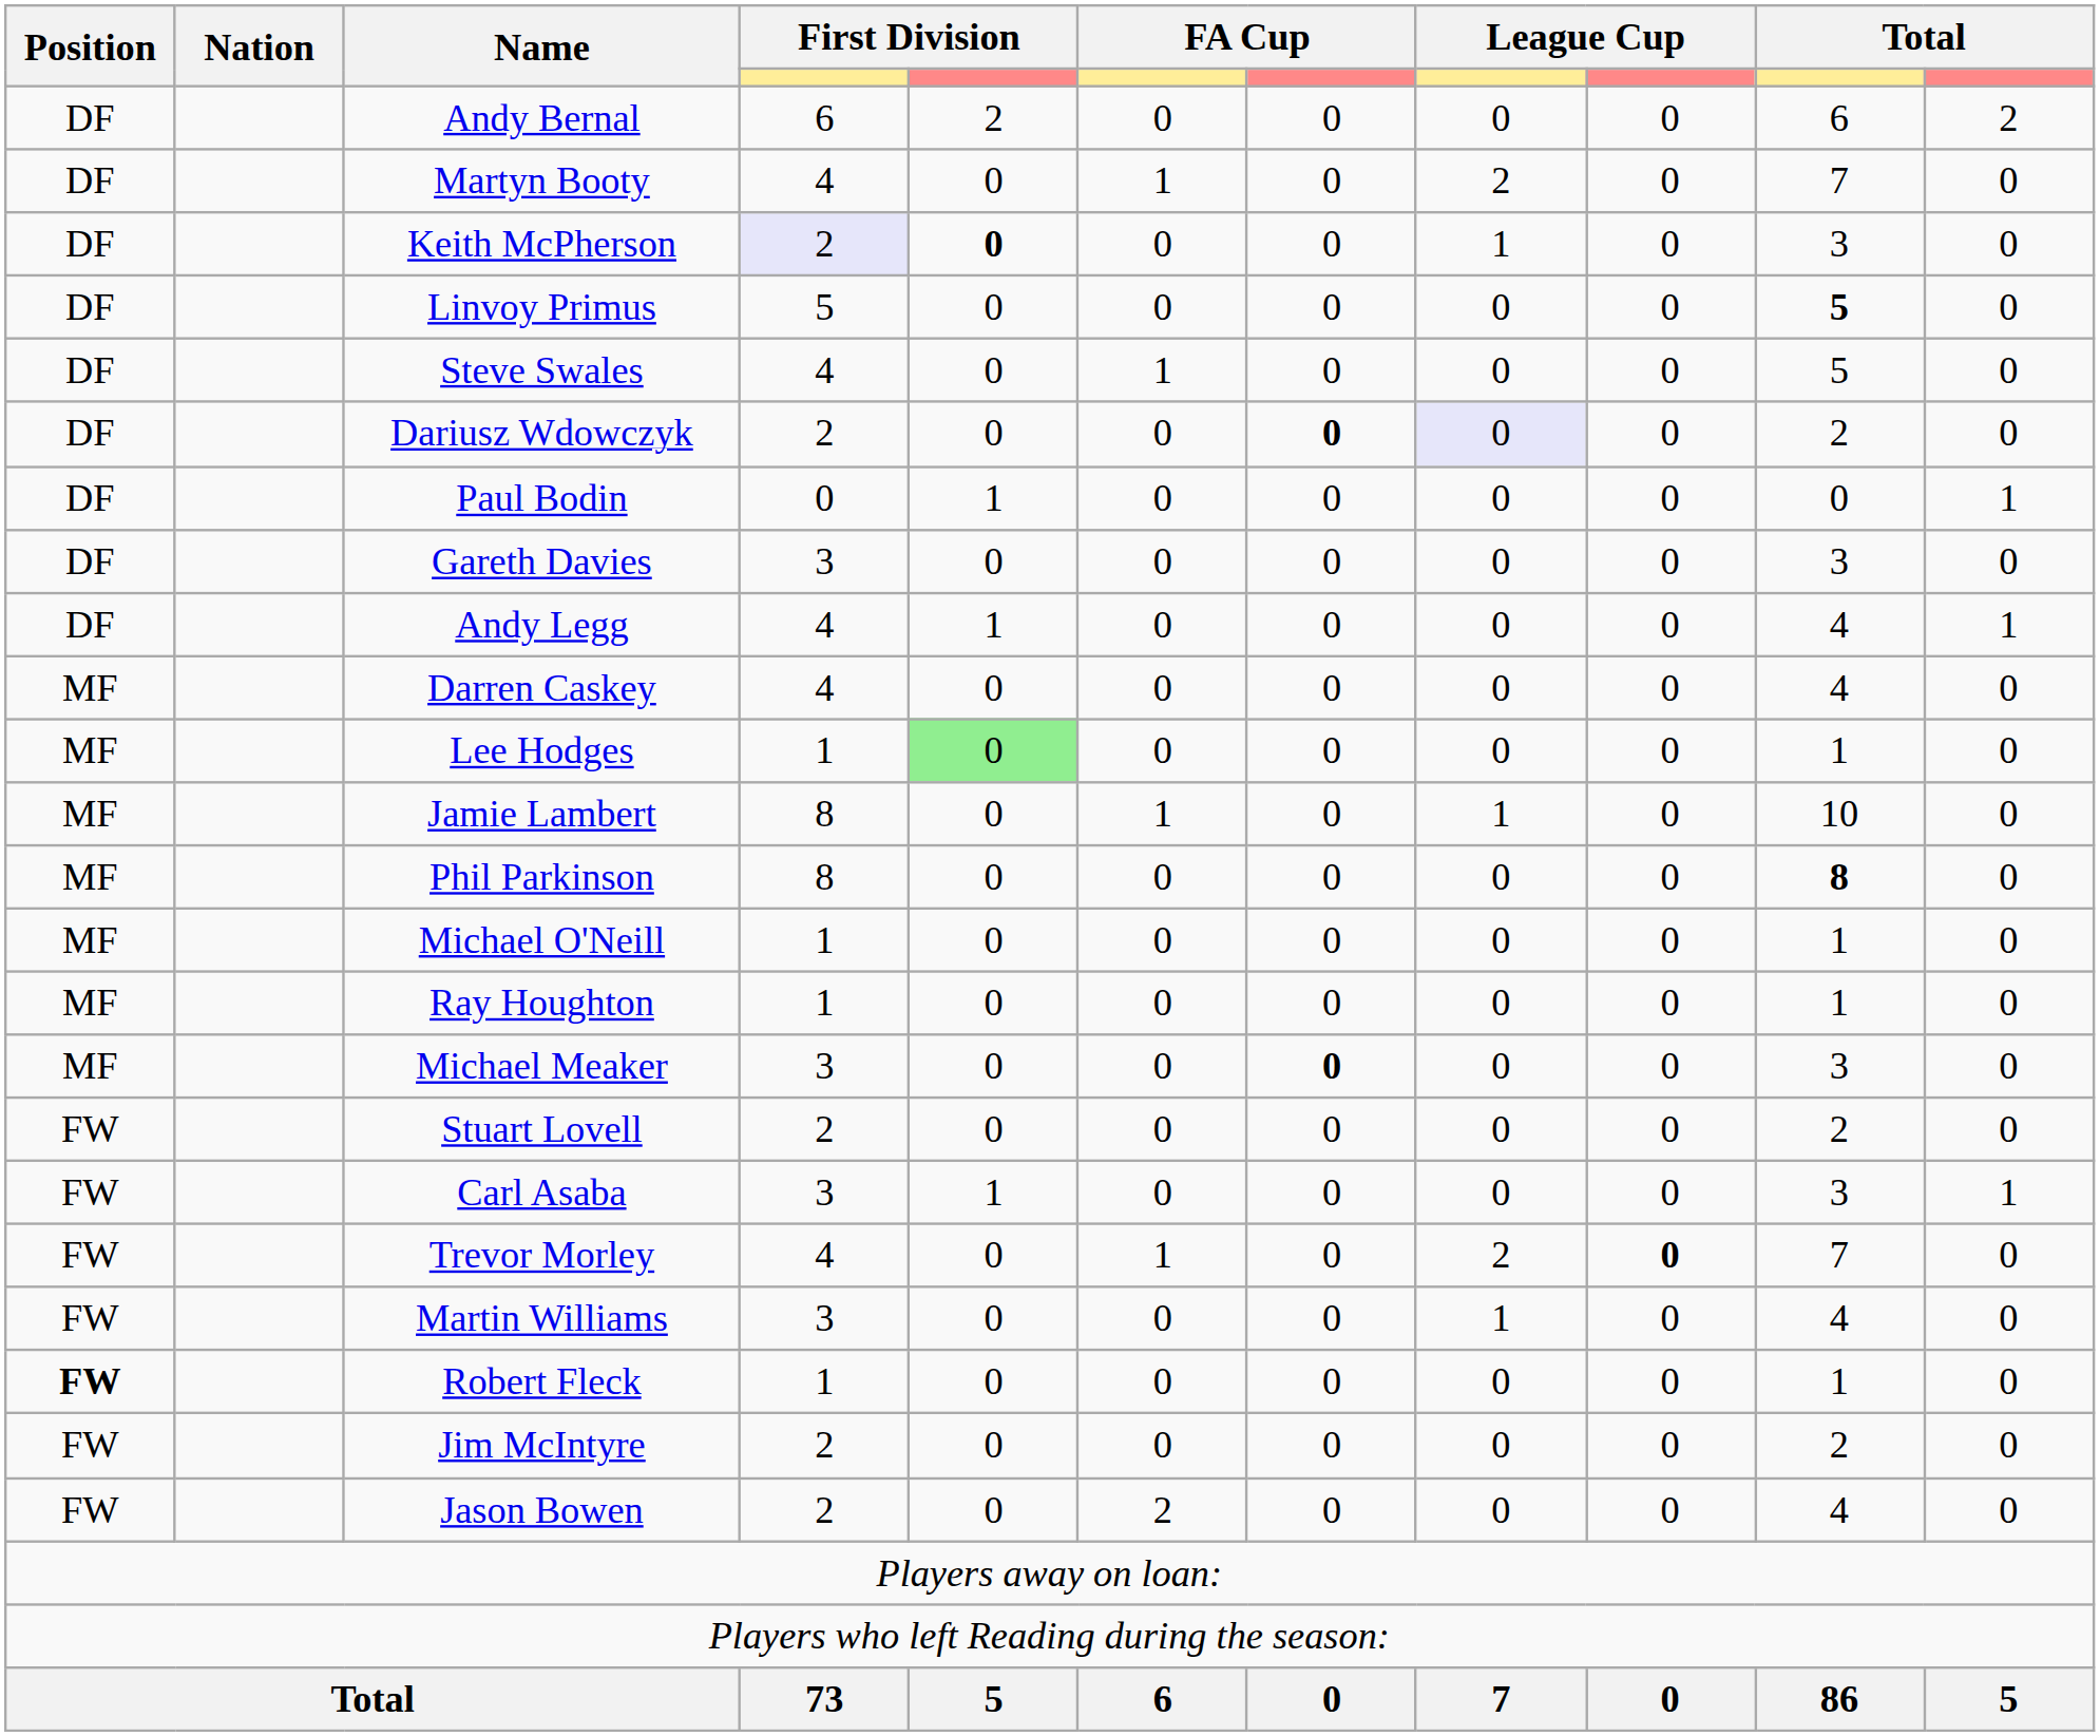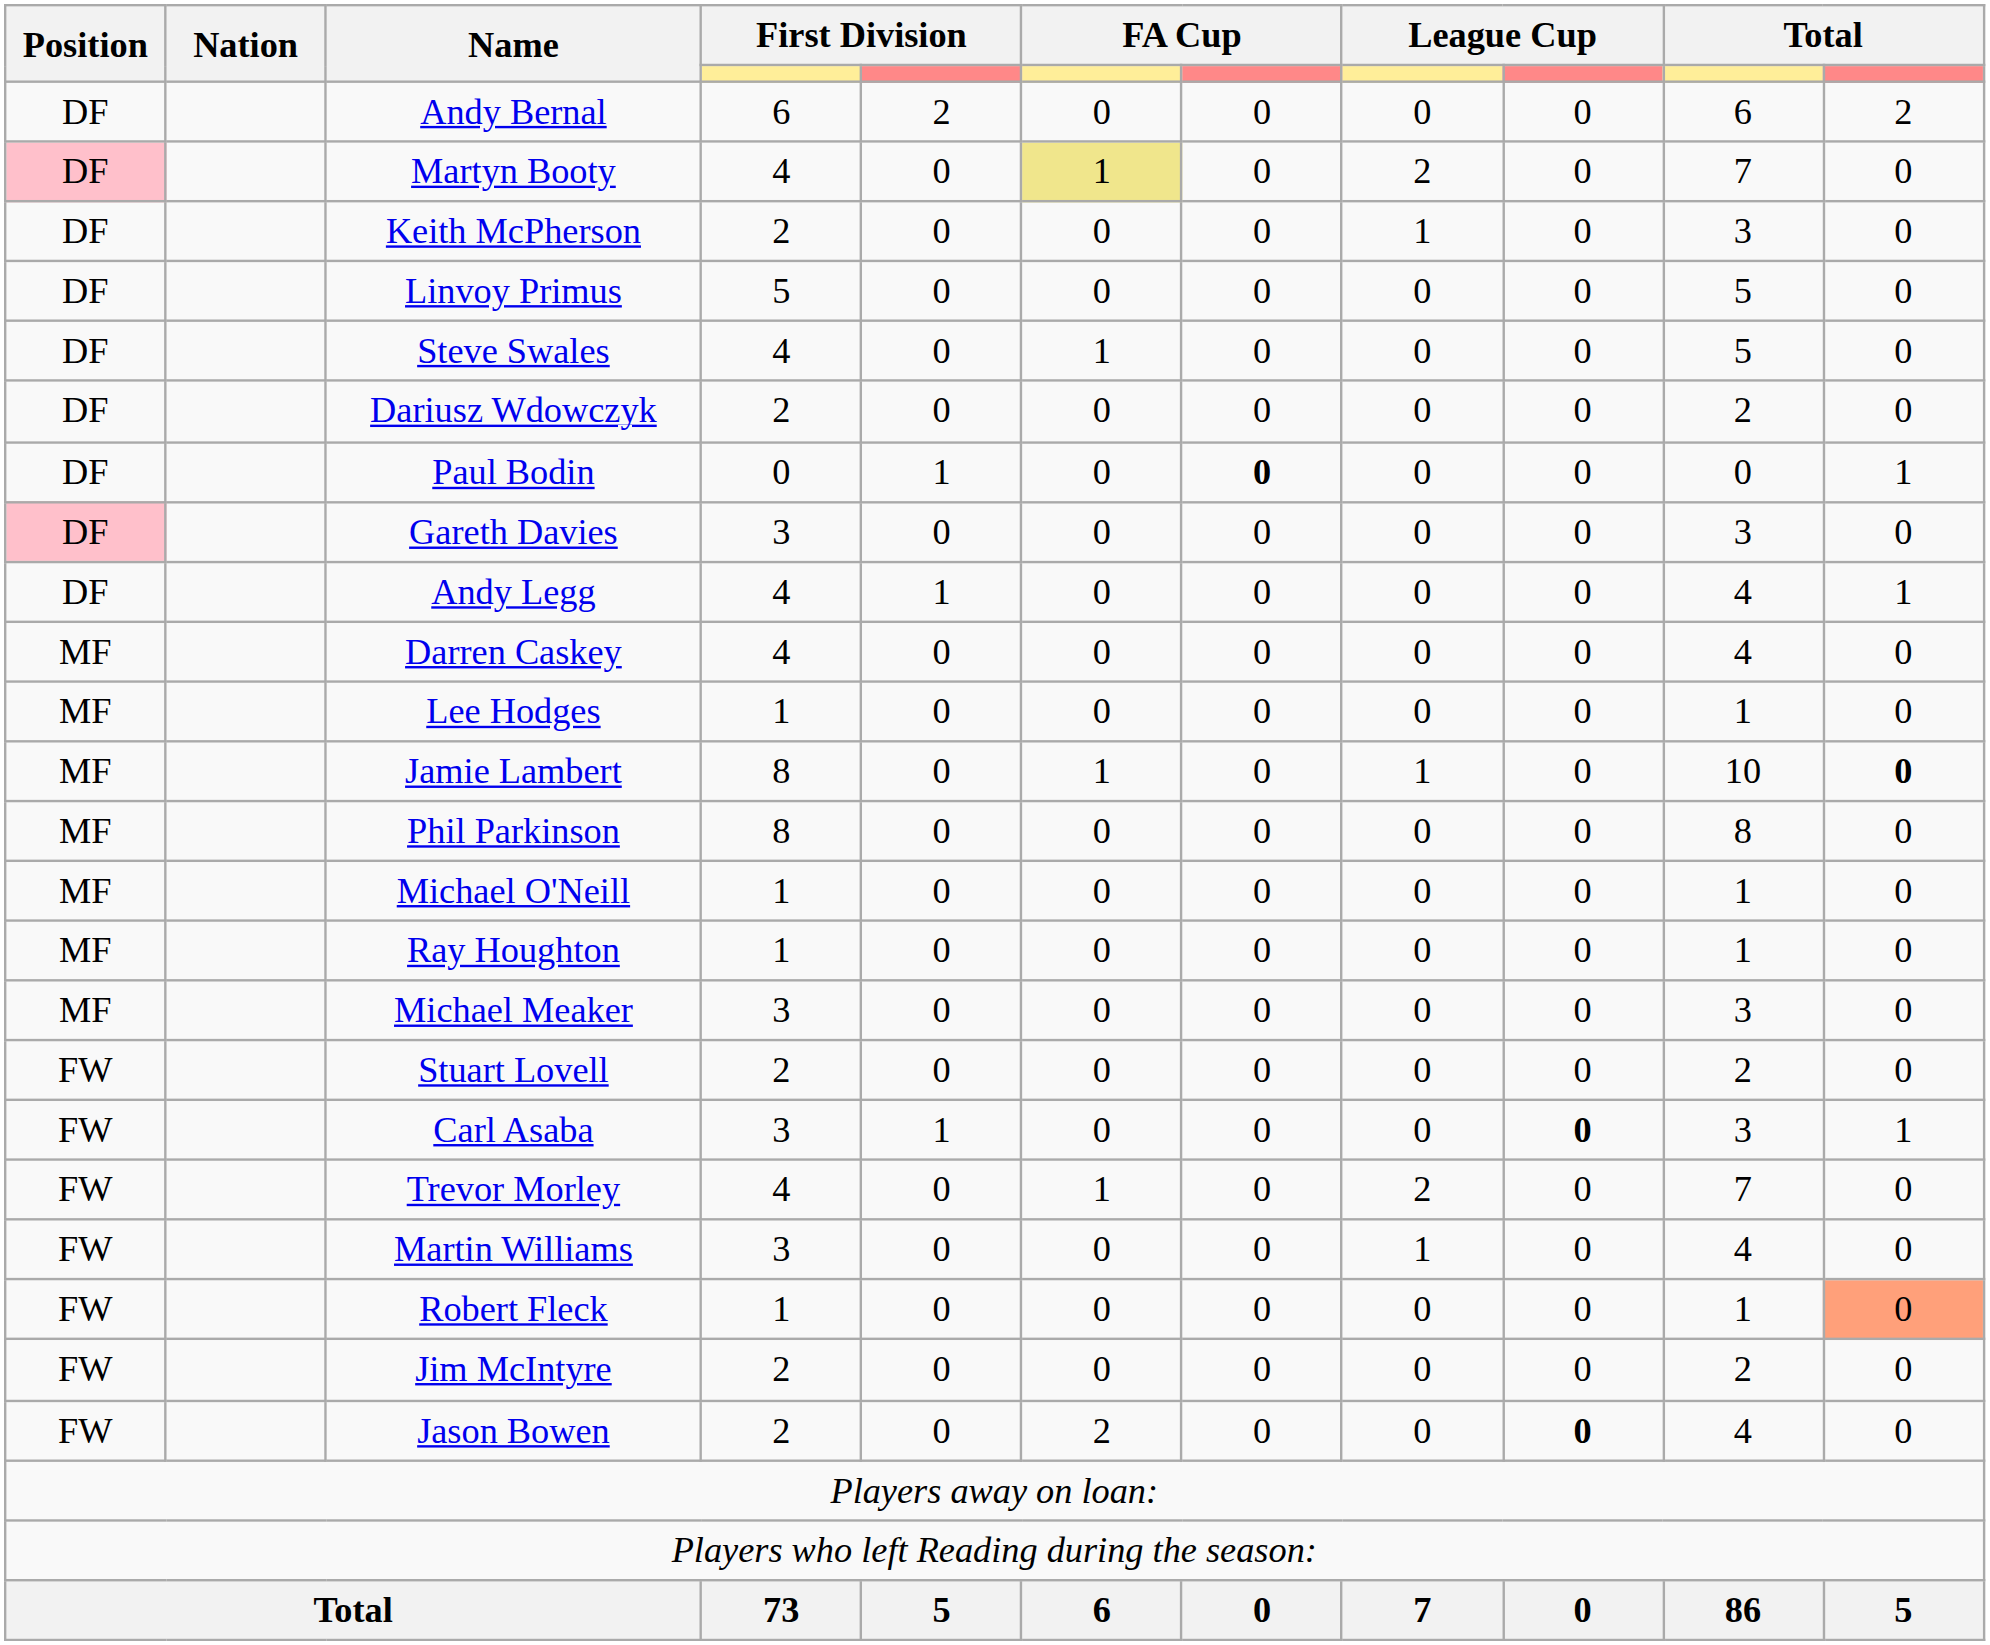 <table class="wikitable" style="font-size: 95%; text-align: center;">
 <tr>
 <th rowspan=2 width=60>Position</th>
 <th rowspan=2 width=60>Nation</th>
 <th rowspan=2 width=150>Name</th>
 <th colspan=2>First Division</th>
 <th colspan=2>FA Cup</th>
 <th colspan=2>League Cup</th>
 <th colspan=2>Total</th>
 </tr>
 <tr>
 <th style="width:60px; background:#fe9;"></th>
 <th style="width:60px; background:#ff8888;"></th>
 <th style="width:60px; background:#fe9;"></th>
 <th style="width:60px; background:#ff8888;"></th>
 <th style="width:60px; background:#fe9;"></th>
 <th style="width:60px; background:#ff8888;"></th>
 <th style="width:60px; background:#fe9;"></th>
 <th style="width:60px; background:#ff8888;"></th>
 </tr>
 <tr>
 <td>DF</td>
 <td></td>
 <td><a href='#'>Andy Bernal</a></td>
 <td>6</td>
 <td>2</td>
 <td>0</td>
 <td>0</td>
 <td>0</td>
 <td>0</td>
 <td>6</td>
 <td>2</td>
 </tr>
 <tr>
-<td>DF</td>
+<td style="background: pink;">DF</td>
 <td></td>
 <td><a href='#'>Martyn Booty</a></td>
 <td>4</td>
 <td>0</td>
-<td>1</td>
+<td style="background: khaki;">1</td>
 <td>0</td>
 <td>2</td>
 <td>0</td>
 <td>7</td>
 <td>0</td>
 </tr>
 <tr>
 <td>DF</td>
 <td></td>
 <td><a href='#'>Keith McPherson</a></td>
-<td style="background: lavender;">2</td>
-<td><strong>0</strong></td>
+<td>2</td>
+<td>0</td>
 <td>0</td>
 <td>0</td>
 <td>1</td>
 <td>0</td>
 <td>3</td>
 <td>0</td>
 </tr>
 <tr>
 <td>DF</td>
 <td></td>
 <td><a href='#'>Linvoy Primus</a></td>
 <td>5</td>
 <td>0</td>
 <td>0</td>
 <td>0</td>
 <td>0</td>
 <td>0</td>
-<td><strong>5</strong></td>
+<td>5</td>
 <td>0</td>
 </tr>
 <tr>
 <td>DF</td>
 <td></td>
 <td><a href='#'>Steve Swales</a></td>
 <td>4</td>
 <td>0</td>
 <td>1</td>
 <td>0</td>
 <td>0</td>
 <td>0</td>
 <td>5</td>
 <td>0</td>
 </tr>
 <tr>
 <td>DF</td>
 <td></td>
 <td><a href='#'>Dariusz Wdowczyk</a></td>
 <td>2</td>
 <td>0</td>
 <td>0</td>
-<td><strong>0</strong></td>
-<td style="background: lavender;">0</td>
+<td>0</td>
+<td>0</td>
 <td>0</td>
 <td>2</td>
 <td>0</td>
 </tr>
 <tr>
 <td>DF</td>
 <td></td>
 <td><a href='#'>Paul Bodin</a></td>
 <td>0</td>
 <td>1</td>
 <td>0</td>
-<td>0</td>
+<td><strong>0</strong></td>
 <td>0</td>
 <td>0</td>
 <td>0</td>
 <td>1</td>
 </tr>
 <tr>
-<td>DF</td>
+<td style="background: pink;">DF</td>
 <td></td>
 <td><a href='#'>Gareth Davies</a></td>
 <td>3</td>
 <td>0</td>
 <td>0</td>
 <td>0</td>
 <td>0</td>
 <td>0</td>
 <td>3</td>
 <td>0</td>
 </tr>
 <tr>
 <td>DF</td>
 <td></td>
 <td><a href='#'>Andy Legg</a></td>
 <td>4</td>
 <td>1</td>
 <td>0</td>
 <td>0</td>
 <td>0</td>
 <td>0</td>
 <td>4</td>
 <td>1</td>
 </tr>
 <tr>
 <td>MF</td>
 <td></td>
 <td><a href='#'>Darren Caskey</a></td>
 <td>4</td>
 <td>0</td>
 <td>0</td>
 <td>0</td>
 <td>0</td>
 <td>0</td>
 <td>4</td>
 <td>0</td>
 </tr>
 <tr>
 <td>MF</td>
 <td></td>
 <td><a href='#'>Lee Hodges</a></td>
 <td>1</td>
-<td style="background: lightgreen;">0</td>
+<td>0</td>
 <td>0</td>
 <td>0</td>
 <td>0</td>
 <td>0</td>
 <td>1</td>
 <td>0</td>
 </tr>
 <tr>
 <td>MF</td>
 <td></td>
 <td><a href='#'>Jamie Lambert</a></td>
 <td>8</td>
 <td>0</td>
 <td>1</td>
 <td>0</td>
 <td>1</td>
 <td>0</td>
 <td>10</td>
-<td>0</td>
+<td><strong>0</strong></td>
 </tr>
 <tr>
 <td>MF</td>
 <td></td>
 <td><a href='#'>Phil Parkinson</a></td>
 <td>8</td>
 <td>0</td>
 <td>0</td>
 <td>0</td>
 <td>0</td>
 <td>0</td>
-<td><strong>8</strong></td>
+<td>8</td>
 <td>0</td>
 </tr>
 <tr>
 <td>MF</td>
 <td></td>
 <td><a href='#'>Michael O'Neill</a></td>
 <td>1</td>
 <td>0</td>
 <td>0</td>
 <td>0</td>
 <td>0</td>
 <td>0</td>
 <td>1</td>
 <td>0</td>
 </tr>
 <tr>
 <td>MF</td>
 <td></td>
 <td><a href='#'>Ray Houghton</a></td>
 <td>1</td>
 <td>0</td>
 <td>0</td>
 <td>0</td>
 <td>0</td>
 <td>0</td>
 <td>1</td>
 <td>0</td>
 </tr>
 <tr>
 <td>MF</td>
 <td></td>
 <td><a href='#'>Michael Meaker</a></td>
 <td>3</td>
 <td>0</td>
 <td>0</td>
-<td><strong>0</strong></td>
+<td>0</td>
 <td>0</td>
 <td>0</td>
 <td>3</td>
 <td>0</td>
 </tr>
 <tr>
 <td>FW</td>
 <td></td>
 <td><a href='#'>Stuart Lovell</a></td>
 <td>2</td>
 <td>0</td>
 <td>0</td>
 <td>0</td>
 <td>0</td>
 <td>0</td>
 <td>2</td>
 <td>0</td>
 </tr>
 <tr>
 <td>FW</td>
 <td></td>
 <td><a href='#'>Carl Asaba</a></td>
 <td>3</td>
 <td>1</td>
 <td>0</td>
 <td>0</td>
 <td>0</td>
-<td>0</td>
+<td><strong>0</strong></td>
 <td>3</td>
 <td>1</td>
 </tr>
 <tr>
 <td>FW</td>
 <td></td>
 <td><a href='#'>Trevor Morley</a></td>
 <td>4</td>
 <td>0</td>
 <td>1</td>
 <td>0</td>
 <td>2</td>
-<td><strong>0</strong></td>
+<td>0</td>
 <td>7</td>
 <td>0</td>
 </tr>
 <tr>
 <td>FW</td>
 <td></td>
 <td><a href='#'>Martin Williams</a></td>
 <td>3</td>
 <td>0</td>
 <td>0</td>
 <td>0</td>
 <td>1</td>
 <td>0</td>
 <td>4</td>
 <td>0</td>
 </tr>
 <tr>
-<td><strong>FW</strong></td>
+<td>FW</td>
 <td></td>
 <td><a href='#'>Robert Fleck</a></td>
 <td>1</td>
 <td>0</td>
 <td>0</td>
 <td>0</td>
 <td>0</td>
 <td>0</td>
 <td>1</td>
-<td>0</td>
+<td style="background: lightsalmon;">0</td>
 </tr>
 <tr>
 <td>FW</td>
 <td></td>
 <td><a href='#'>Jim McIntyre</a></td>
 <td>2</td>
 <td>0</td>
 <td>0</td>
 <td>0</td>
 <td>0</td>
 <td>0</td>
 <td>2</td>
 <td>0</td>
 </tr>
 <tr>
 <td>FW</td>
 <td></td>
 <td><a href='#'>Jason Bowen</a></td>
 <td>2</td>
 <td>0</td>
 <td>2</td>
 <td>0</td>
 <td>0</td>
-<td>0</td>
+<td><strong>0</strong></td>
 <td>4</td>
 <td>0</td>
 </tr>
 <tr>
 <td colspan="12"><em>Players away on loan:</em></td>
 </tr>
 <tr>
 <td colspan="12"><em>Players who left Reading during the season:</em></td>
 </tr>
 <tr>
 <th colspan=3>Total</th>
 <th>73</th>
 <th>5</th>
 <th>6</th>
 <th>0</th>
 <th>7</th>
 <th>0</th>
 <th>86</th>
 <th>5</th>
 </tr>
 </table>
